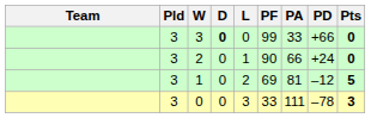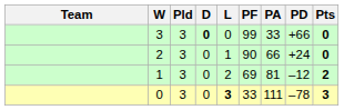 <table class="wikitable" style="text-align:center;">
 <tr>
 <th width=175>Team</th>
+<th width=20 abbr="Won">W</th>
 <th width=20 abbr="Played">Pld</th>
-<th width=20 abbr="Won">W</th>
 <th width=20 abbr="Drawn">D</th>
 <th width=20 abbr="Lost">L</th>
 <th width=20 abbr="Points for">PF</th>
 <th width=20 abbr="Points against">PA</th>
 <th width=25 abbr="Points difference">PD</th>
 <th width=20 abbr="Points">Pts</th>
 </tr>
 <tr style="background:#ccffcc">
 <td align=left></td>
 <td>3</td>
 <td>3</td>
 <td><strong>0</strong></td>
 <td>0</td>
 <td>99</td>
 <td>33</td>
 <td>+66</td>
 <td><strong>0</strong></td>
 </tr>
 <tr style="background:#ccffcc">
 <td align=left></td>
+<td>2</td>
 <td>3</td>
-<td>2</td>
 <td>0</td>
 <td>1</td>
 <td>90</td>
 <td>66</td>
 <td>+24</td>
 <td><strong>0</strong></td>
 </tr>
 <tr style="background:#ccffcc">
 <td align=left></td>
+<td>1</td>
 <td>3</td>
-<td>1</td>
 <td>0</td>
 <td>2</td>
 <td>69</td>
 <td>81</td>
 <td>–12</td>
-<td><strong>5</strong></td>
+<td><strong>2</strong></td>
 </tr>
 <tr style="background:#feffb4">
 <td align=left></td>
+<td>0</td>
 <td>3</td>
 <td>0</td>
-<td>0</td>
-<td>3</td>
+<td><strong>3</strong></td>
 <td>33</td>
 <td>111</td>
 <td>–78</td>
 <td><strong>3</strong></td>
 </tr>
 </table>
